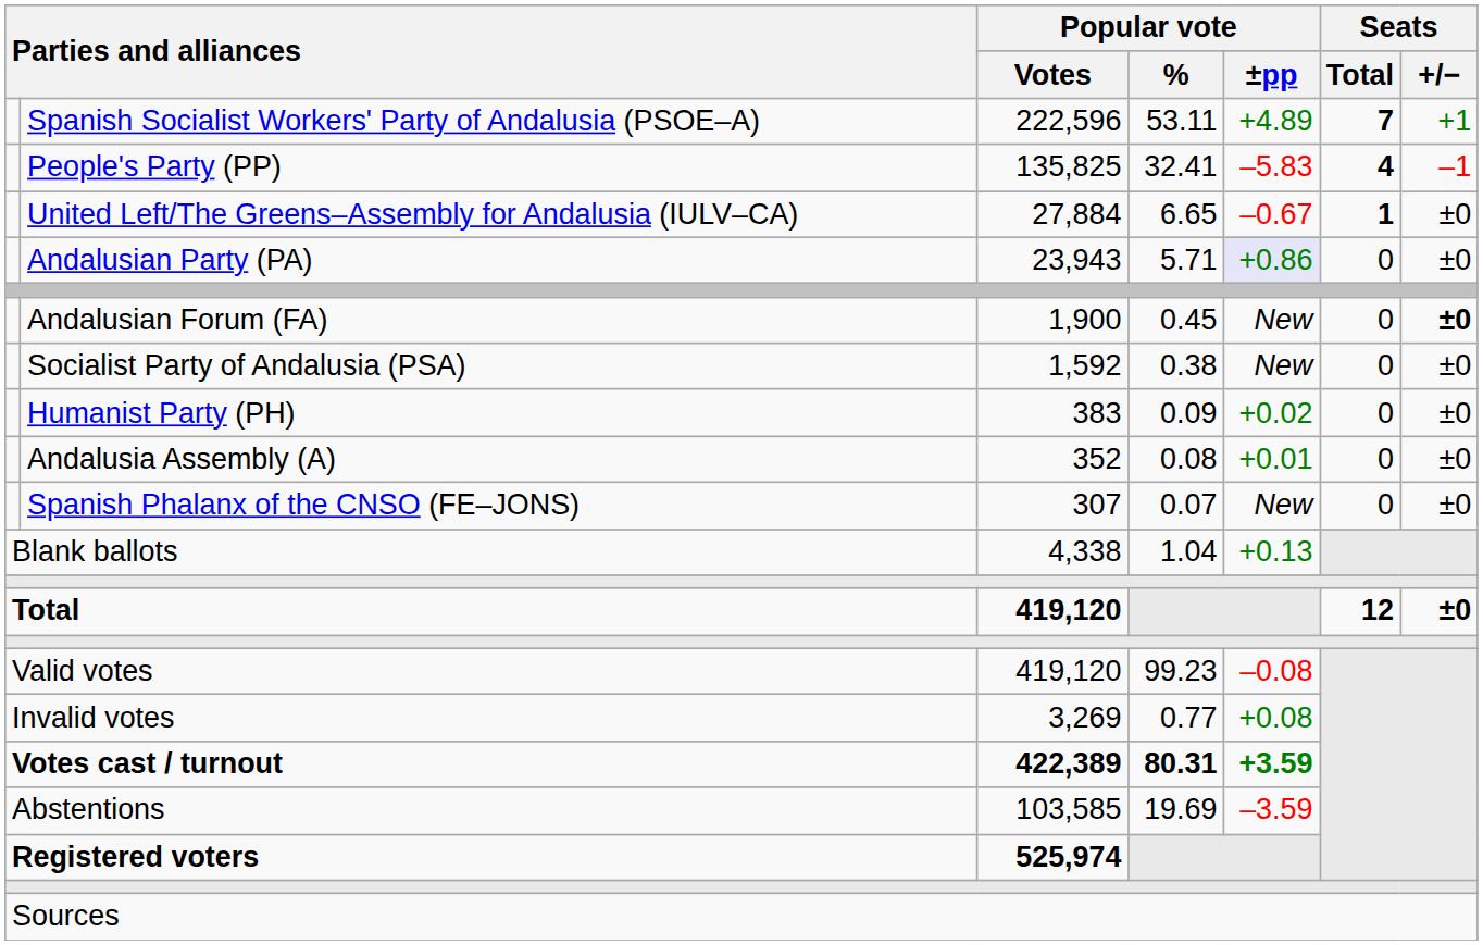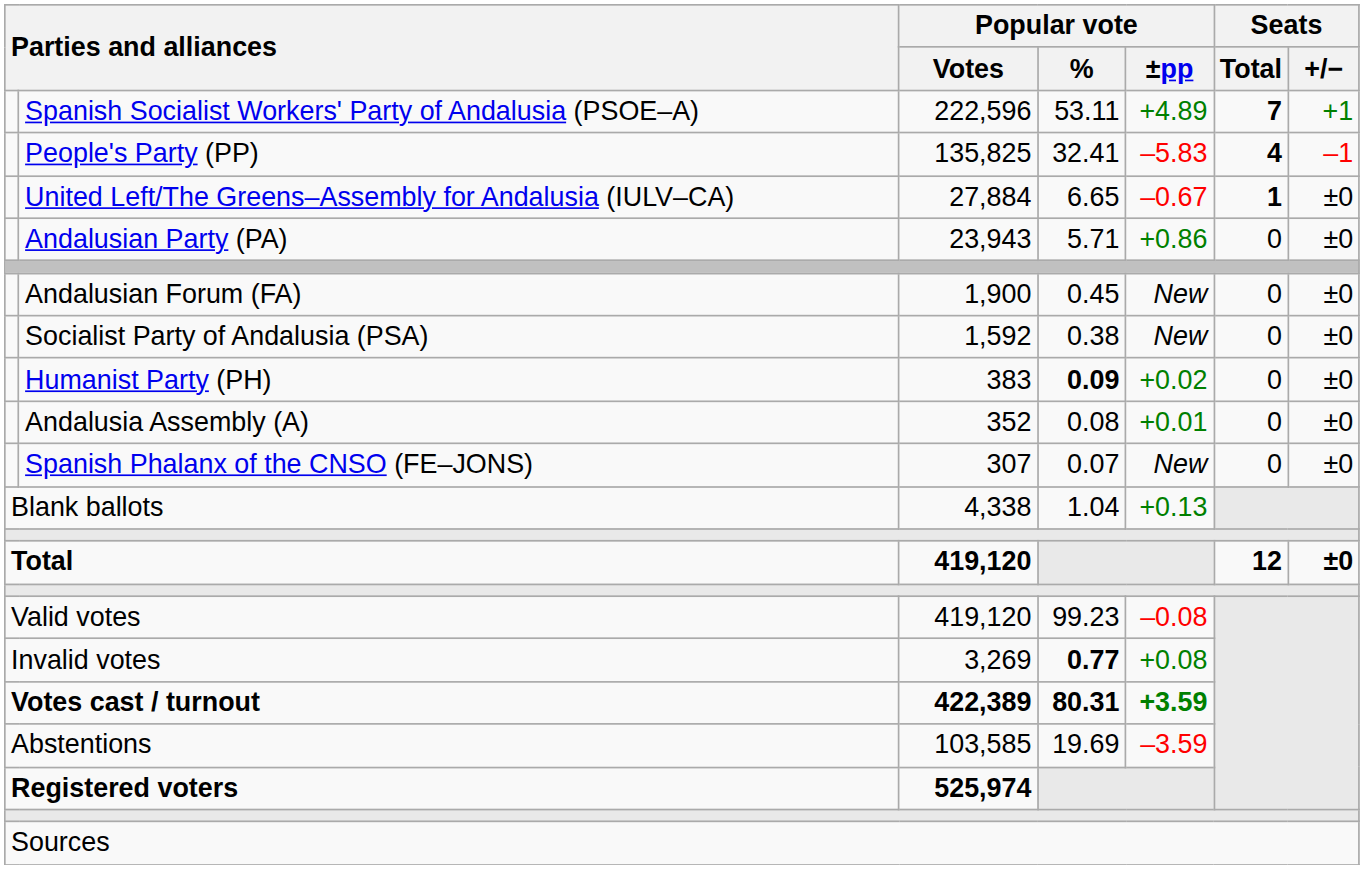 <table class="wikitable" style="text-align:right;">
 <tr>
 <th style="text-align:left;" rowspan="2" colspan="2" width="525">Parties and alliances</th>
 <th colspan="3">Popular vote</th>
 <th colspan="2">Seats</th>
 </tr>
 <tr>
 <th width="75">Votes</th>
 <th width="45">%</th>
 <th width="45">±<a href='#'>pp</a></th>
 <th width="35">Total</th>
 <th width="35">+/−</th>
 </tr>
 <tr>
 <td width="1" style="color:inherit;background:"></td>
 <td align="left"><a href='#'>Spanish Socialist Workers' Party of Andalusia</a> (PSOE–A)</td>
 <td>222,596</td>
 <td>53.11</td>
 <td style="color:green;">+4.89</td>
 <td><strong>7</strong></td>
 <td style="color:green;">+1</td>
 </tr>
 <tr>
 <td style="color:inherit;background:"></td>
 <td align="left"><a href='#'>People's Party</a> (PP)</td>
 <td>135,825</td>
 <td>32.41</td>
 <td style="color:red;">–5.83</td>
 <td><strong>4</strong></td>
 <td style="color:red;">–1</td>
 </tr>
 <tr>
 <td style="color:inherit;background:"></td>
 <td align="left"><a href='#'>United Left/The Greens–Assembly for Andalusia</a> (IULV–CA)</td>
 <td>27,884</td>
 <td>6.65</td>
 <td style="color:red;">–0.67</td>
 <td><strong>1</strong></td>
 <td>±0</td>
 </tr>
 <tr>
 <td style="color:inherit;background:"></td>
 <td align="left"><a href='#'>Andalusian Party</a> (PA)</td>
 <td>23,943</td>
 <td>5.71</td>
-<td style="background: lavender; color:green;">+0.86</td>
+<td style="color:green;">+0.86</td>
 <td>0</td>
 <td>±0</td>
 </tr>
 <tr>
 <td colspan="7" bgcolor="#C0C0C0"></td>
 </tr>
 <tr>
 <td style="color:inherit;background:"></td>
 <td align="left">Andalusian Forum (FA)</td>
 <td>1,900</td>
 <td>0.45</td>
 <td><em>New</em></td>
 <td>0</td>
-<td><strong>±0</strong></td>
+<td>±0</td>
 </tr>
 <tr>
 <td style="color:inherit;background:"></td>
 <td align="left">Socialist Party of Andalusia (PSA)</td>
 <td>1,592</td>
 <td>0.38</td>
 <td><em>New</em></td>
 <td>0</td>
 <td>±0</td>
 </tr>
 <tr>
 <td style="color:inherit;background:"></td>
 <td align="left"><a href='#'>Humanist Party</a> (PH)</td>
 <td>383</td>
-<td>0.09</td>
+<td><strong>0.09</strong></td>
 <td style="color:green;">+0.02</td>
 <td>0</td>
 <td>±0</td>
 </tr>
 <tr>
 <td style="color:inherit;background:"></td>
 <td align="left">Andalusia Assembly (A)</td>
 <td>352</td>
 <td>0.08</td>
 <td style="color:green;">+0.01</td>
 <td>0</td>
 <td>±0</td>
 </tr>
 <tr>
 <td style="color:inherit;background:"></td>
 <td align="left"><a href='#'>Spanish Phalanx of the CNSO</a> (FE–JONS)</td>
 <td>307</td>
 <td>0.07</td>
 <td><em>New</em></td>
 <td>0</td>
 <td>±0</td>
 </tr>
 <tr>
 <td align="left" colspan="2">Blank ballots</td>
 <td>4,338</td>
 <td>1.04</td>
 <td style="color:green;">+0.13</td>
 <td bgcolor="#E9E9E9" colspan="2"></td>
 </tr>
 <tr>
 <td colspan="7" bgcolor="#E9E9E9"></td>
 </tr>
 <tr style="font-weight:bold;">
 <td align="left" colspan="2">Total</td>
 <td>419,120</td>
 <td bgcolor="#E9E9E9" colspan="2"></td>
 <td>12</td>
 <td>±0</td>
 </tr>
 <tr>
 <td colspan="7" bgcolor="#E9E9E9"></td>
 </tr>
 <tr>
 <td align="left" colspan="2">Valid votes</td>
 <td>419,120</td>
 <td>99.23</td>
 <td style="color:red;">–0.08</td>
 <td bgcolor="#E9E9E9" colspan="2" rowspan="5"></td>
 </tr>
 <tr>
 <td align="left" colspan="2">Invalid votes</td>
 <td>3,269</td>
-<td>0.77</td>
+<td><strong>0.77</strong></td>
 <td style="color:green;">+0.08</td>
 </tr>
 <tr style="font-weight:bold;">
 <td align="left" colspan="2">Votes cast / turnout</td>
 <td>422,389</td>
 <td>80.31</td>
 <td style="color:green;">+3.59</td>
 </tr>
 <tr>
 <td align="left" colspan="2">Abstentions</td>
 <td>103,585</td>
 <td>19.69</td>
 <td style="color:red;">–3.59</td>
 </tr>
 <tr style="font-weight:bold;">
 <td align="left" colspan="2">Registered voters</td>
 <td>525,974</td>
 <td bgcolor="#E9E9E9" colspan="2"></td>
 </tr>
 <tr>
 <td colspan="7" bgcolor="#E9E9E9"></td>
 </tr>
 <tr>
 <td align="left" colspan="7">Sources</td>
 </tr>
 </table>
